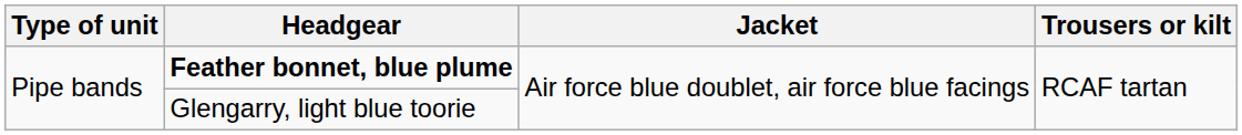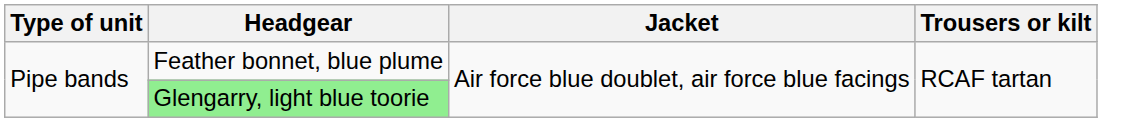 <table class=wikitable>
 <tr>
 <th>Type of unit</th>
 <th>Headgear</th>
 <th>Jacket</th>
 <th>Trousers or kilt</th>
 </tr>
 <tr>
 <td rowspan = 2>Pipe bands</td>
-<td><strong>Feather bonnet, blue plume</strong></td>
+<td>Feather bonnet, blue plume</td>
 <td rowspan = 2>Air force blue doublet, air force blue facings</td>
 <td rowspan = 2>RCAF tartan</td>
 </tr>
 <tr>
-<td>Glengarry, light blue toorie</td>
+<td style="background: lightgreen;">Glengarry, light blue toorie</td>
 </tr>
 </table>
